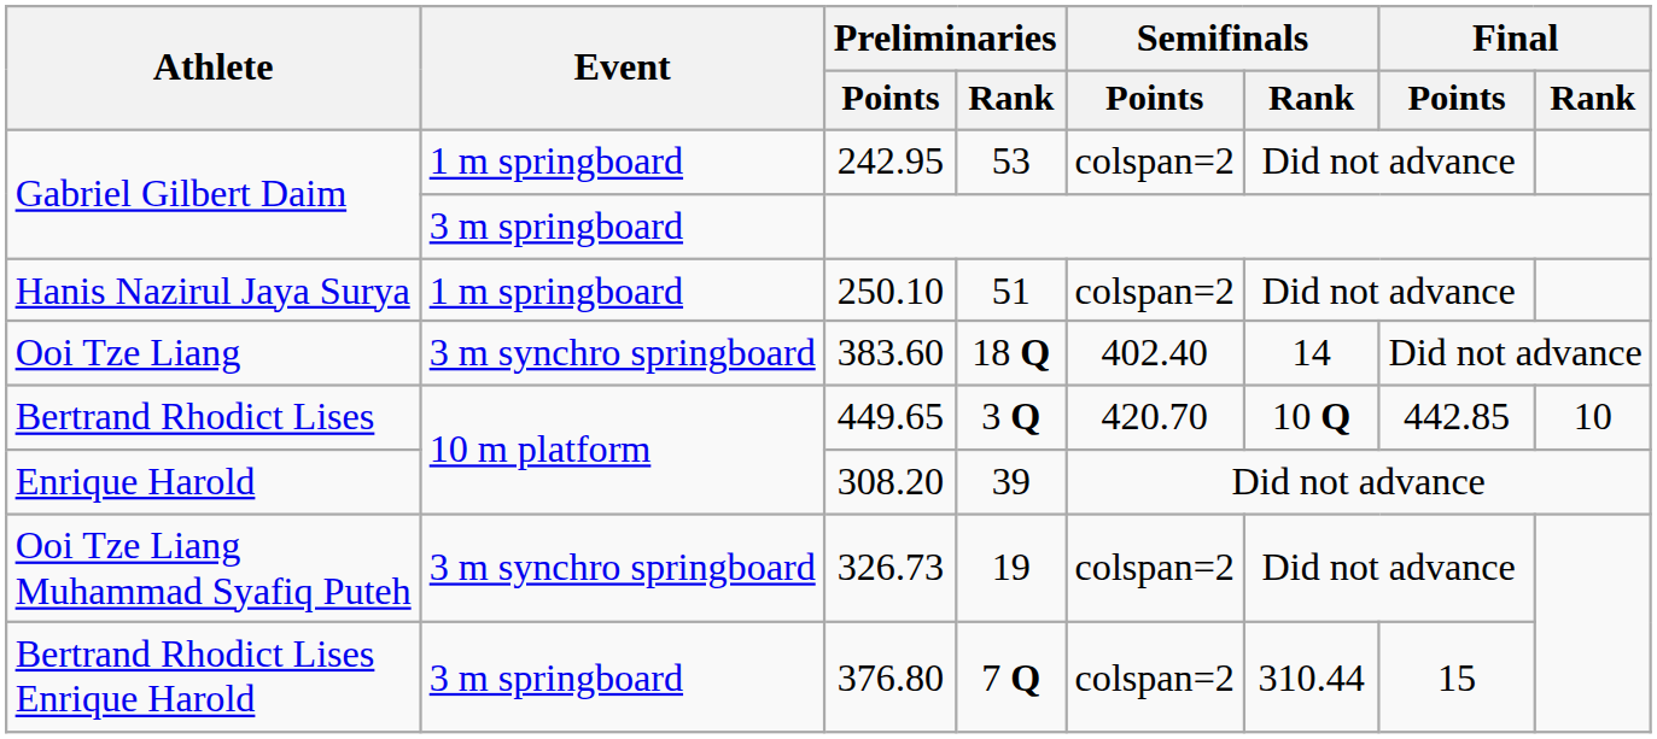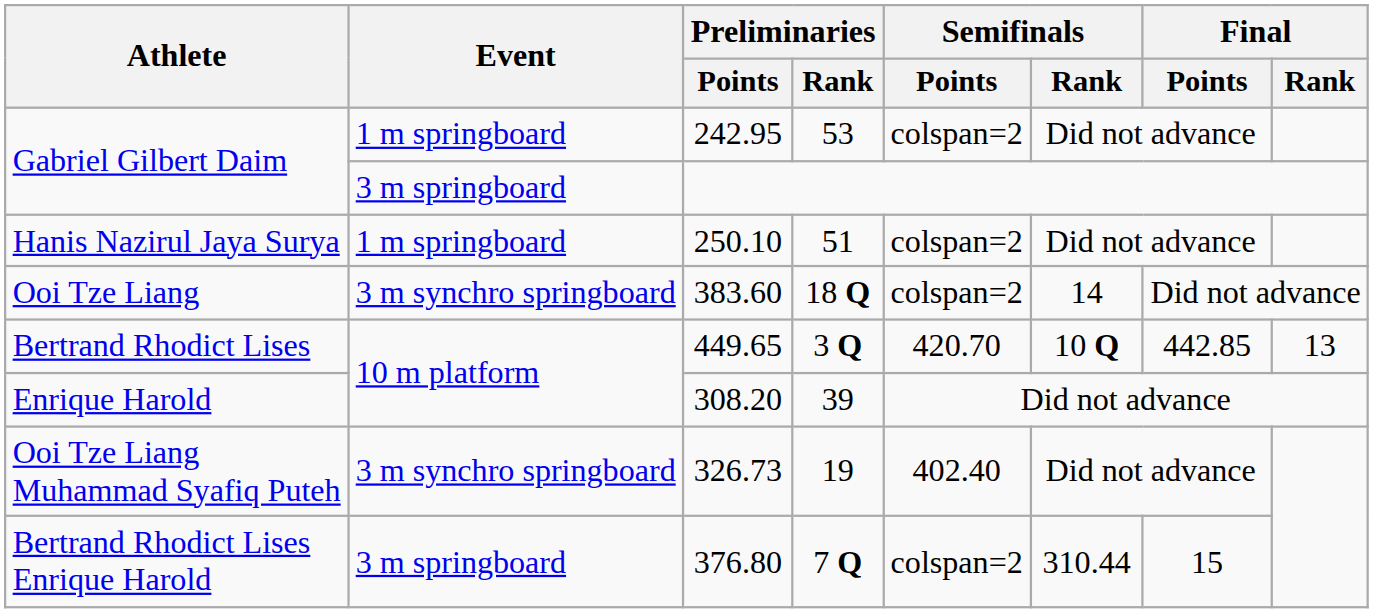 <table class="wikitable" style="text-align:center; font-size:90%;">
 <tr>
 <th rowspan=2>Athlete</th>
 <th rowspan=2>Event</th>
 <th colspan=2>Preliminaries</th>
 <th colspan=2>Semifinals</th>
 <th colspan=2>Final</th>
 </tr>
 <tr style="font-size:95%">
 <th>Points</th>
 <th>Rank</th>
 <th>Points</th>
 <th>Rank</th>
 <th>Points</th>
 <th>Rank</th>
 </tr>
 <tr>
 <td align=left rowspan=2><a href='#'>Gabriel Gilbert Daim</a></td>
 <td align=left><a href='#'>1 m springboard</a></td>
 <td>242.95</td>
 <td>53</td>
 <td>colspan=2 </td>
 <td colspan=2>Did not advance</td>
 </tr>
 <tr>
 <td align=left><a href='#'>3 m springboard</a></td>
 <td colspan=6></td>
 </tr>
 <tr>
 <td align=left><a href='#'>Hanis Nazirul Jaya Surya</a></td>
 <td align=left><a href='#'>1 m springboard</a></td>
 <td>250.10</td>
 <td>51</td>
 <td>colspan=2 </td>
 <td colspan=2>Did not advance</td>
 </tr>
 <tr>
 <td align=left><a href='#'>Ooi Tze Liang</a></td>
 <td align=left><a href='#'>3 m synchro springboard</a></td>
 <td>383.60</td>
 <td>18 <strong>Q</strong></td>
-<td>402.40</td>
+<td>colspan=2 </td>
 <td>14</td>
 <td colspan=2>Did not advance</td>
 </tr>
 <tr>
 <td align=left><a href='#'>Bertrand Rhodict Lises</a></td>
 <td align=left rowspan=2><a href='#'>10 m platform</a></td>
 <td>449.65</td>
 <td>3 <strong>Q</strong></td>
 <td>420.70</td>
 <td>10 <strong>Q</strong></td>
 <td>442.85</td>
-<td>10</td>
+<td>13</td>
 </tr>
 <tr>
 <td align=left><a href='#'>Enrique Harold</a></td>
 <td>308.20</td>
 <td>39</td>
 <td colspan=4>Did not advance</td>
 </tr>
 <tr>
 <td align=left><a href='#'>Ooi Tze Liang</a><br> <a href='#'>Muhammad Syafiq Puteh</a></td>
 <td align=left><a href='#'>3 m synchro springboard</a></td>
 <td>326.73</td>
 <td>19</td>
-<td>colspan=2 </td>
+<td>402.40</td>
 <td colspan=2>Did not advance</td>
 </tr>
 <tr>
 <td align=left><a href='#'>Bertrand Rhodict Lises</a><br> <a href='#'>Enrique Harold</a></td>
 <td align=left><a href='#'>3 m springboard</a></td>
 <td>376.80</td>
 <td>7 <strong>Q</strong></td>
 <td>colspan=2 </td>
 <td>310.44</td>
 <td>15</td>
 </tr>
 </table>
